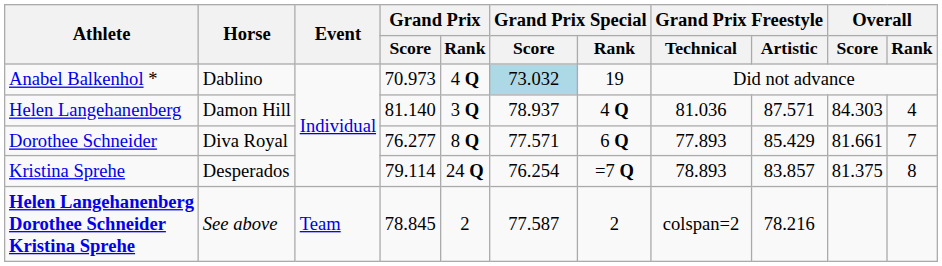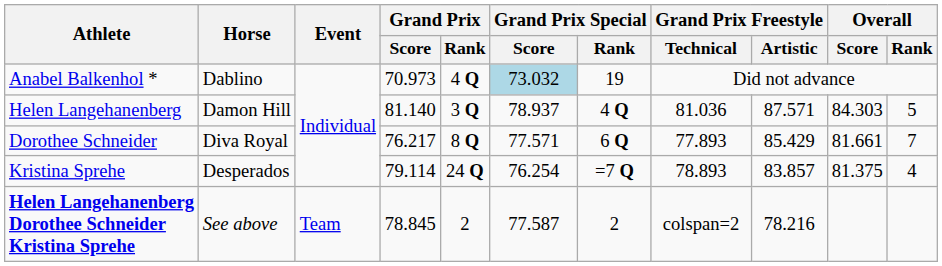 <table class=wikitable style="font-size:90%">
 <tr>
 <th rowspan="2">Athlete</th>
 <th rowspan="2">Horse</th>
 <th rowspan="2">Event</th>
 <th colspan="2">Grand Prix</th>
 <th colspan="2">Grand Prix Special</th>
 <th colspan="2">Grand Prix Freestyle</th>
 <th colspan="2">Overall</th>
 </tr>
 <tr style="font-size:95%">
 <th>Score</th>
 <th>Rank</th>
 <th>Score</th>
 <th>Rank</th>
 <th>Technical</th>
 <th>Artistic</th>
 <th>Score</th>
 <th>Rank</th>
 </tr>
 <tr align=center>
 <td align=left><a href='#'>Anabel Balkenhol</a> *<br></td>
 <td align=left>Dablino</td>
 <td rowspan=4 align=left><a href='#'>Individual</a></td>
 <td>70.973</td>
 <td>4 <strong>Q</strong></td>
 <td style="background: lightblue;">73.032</td>
 <td>19</td>
 <td colspan=4>Did not advance</td>
 </tr>
 <tr align=center>
 <td align=left><a href='#'>Helen Langehanenberg</a><br></td>
 <td align=left>Damon Hill</td>
 <td>81.140</td>
 <td>3 <strong>Q</strong></td>
 <td>78.937</td>
 <td>4 <strong>Q</strong></td>
 <td>81.036</td>
 <td>87.571</td>
 <td>84.303</td>
-<td>4</td>
+<td>5</td>
 </tr>
 <tr align=center>
 <td align=left><a href='#'>Dorothee Schneider</a><br></td>
 <td align=left>Diva Royal</td>
-<td>76.277</td>
+<td>76.217</td>
 <td>8 <strong>Q</strong></td>
 <td>77.571</td>
 <td>6 <strong>Q</strong></td>
 <td>77.893</td>
 <td>85.429</td>
 <td>81.661</td>
 <td>7</td>
 </tr>
 <tr align=center>
 <td align=left><a href='#'>Kristina Sprehe</a><br></td>
 <td align=left>Desperados</td>
 <td>79.114</td>
 <td>24 <strong>Q</strong></td>
 <td>76.254</td>
 <td>=7 <strong>Q</strong></td>
 <td>78.893</td>
 <td>83.857</td>
 <td>81.375</td>
-<td>8</td>
+<td>4</td>
 </tr>
 <tr align=center>
 <td align=left><strong><a href='#'>Helen Langehanenberg</a><br><a href='#'>Dorothee Schneider</a><br><a href='#'>Kristina Sprehe</a></strong></td>
 <td align=left><em>See above</em></td>
 <td align=left><a href='#'>Team</a></td>
 <td>78.845</td>
 <td>2</td>
 <td>77.587</td>
 <td>2</td>
 <td>colspan=2 </td>
 <td>78.216</td>
 <td></td>
 </tr>
 </table>
